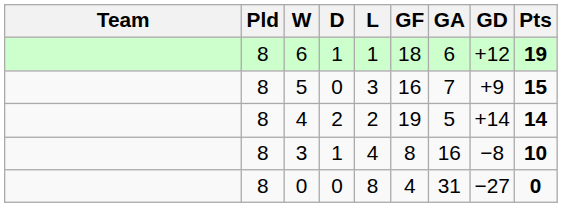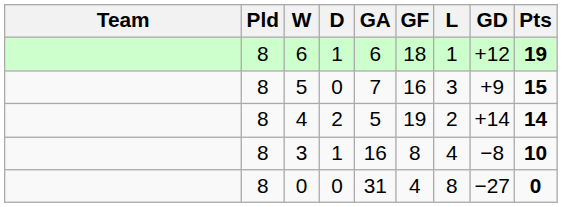 <table class="wikitable" style="text-align: center;">
 <tr>
 <th width="175">Team</th>
 <th width="20">Pld</th>
 <th width="20">W</th>
 <th width="20">D</th>
+<th width="20">GA</th>
+<th width="20">GF</th>
 <th width="20">L</th>
-<th width="20">GF</th>
-<th width="20">GA</th>
 <th width="20">GD</th>
 <th width="20">Pts</th>
 </tr>
 <tr bgcolor="#ccffcc">
 <td align=left></td>
 <td>8</td>
 <td>6</td>
 <td>1</td>
+<td>6</td>
+<td>18</td>
 <td>1</td>
-<td>18</td>
-<td>6</td>
 <td>+12</td>
 <td><strong>19</strong></td>
 </tr>
 <tr>
 <td align="left"></td>
 <td>8</td>
 <td>5</td>
 <td>0</td>
+<td>7</td>
+<td>16</td>
 <td>3</td>
-<td>16</td>
-<td>7</td>
 <td>+9</td>
 <td><strong>15</strong></td>
 </tr>
 <tr>
 <td align="left"></td>
 <td>8</td>
 <td>4</td>
 <td>2</td>
+<td>5</td>
+<td>19</td>
 <td>2</td>
-<td>19</td>
-<td>5</td>
 <td>+14</td>
 <td><strong>14</strong></td>
 </tr>
 <tr>
 <td align="left"></td>
 <td>8</td>
 <td>3</td>
 <td>1</td>
+<td>16</td>
+<td>8</td>
 <td>4</td>
-<td>8</td>
-<td>16</td>
 <td>−8</td>
 <td><strong>10</strong></td>
 </tr>
 <tr>
 <td align="left"></td>
 <td>8</td>
 <td>0</td>
 <td>0</td>
+<td>31</td>
+<td>4</td>
 <td>8</td>
-<td>4</td>
-<td>31</td>
 <td>−27</td>
 <td><strong>0</strong></td>
 </tr>
 </table>
